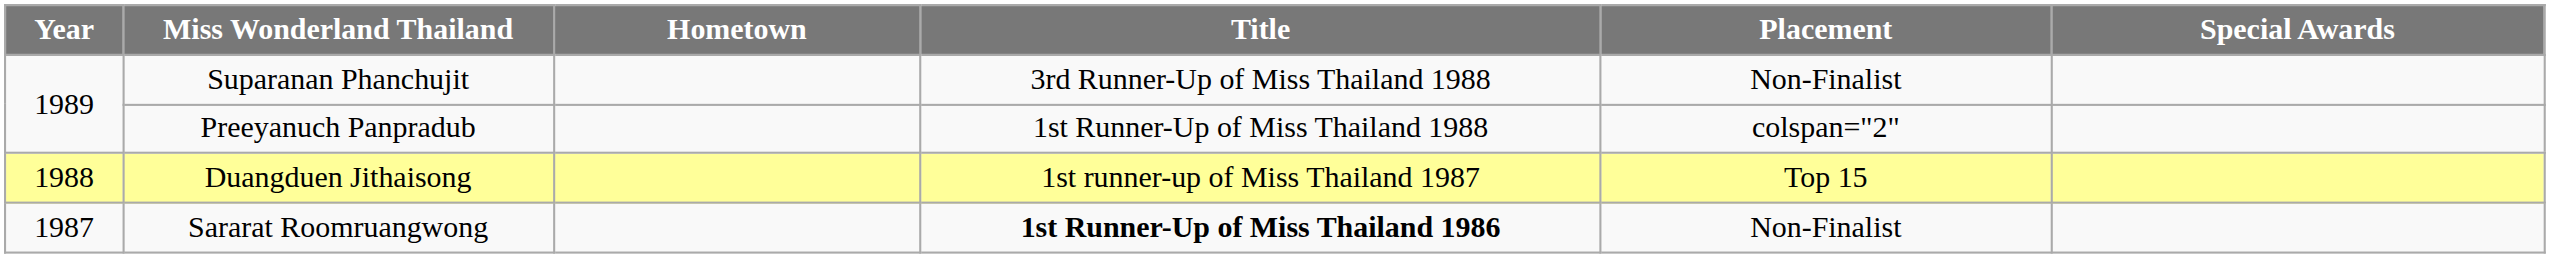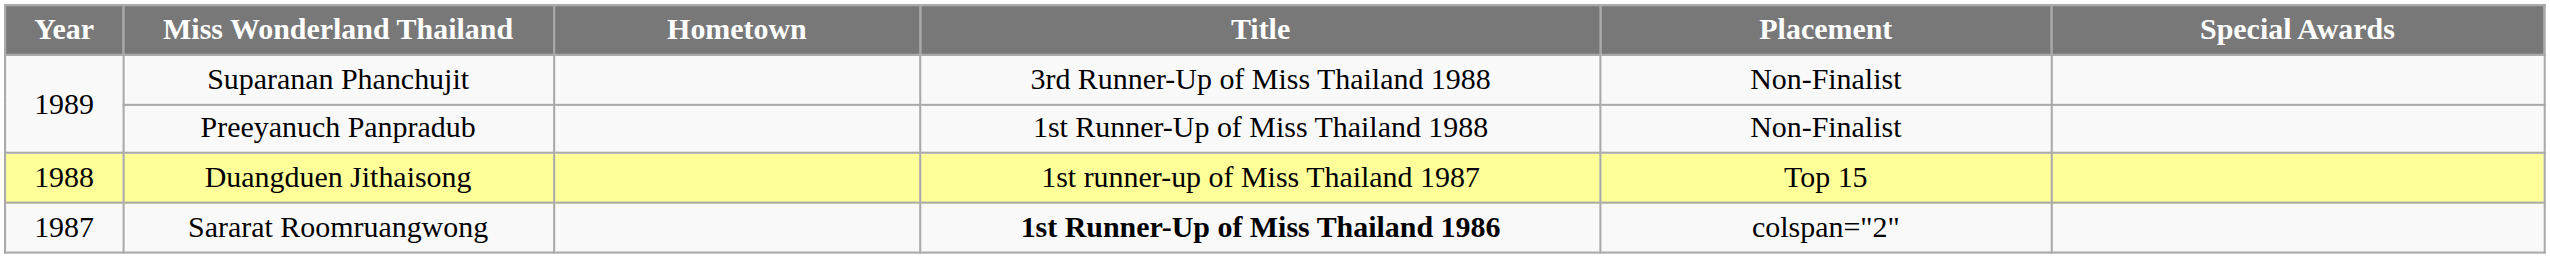 <table class="wikitable sortable" style="font-size: 90%; text-align:center">
 <tr>
 <th width="50" style="background-color:#787878;color:#FFFFFF;">Year</th>
 <th width="200" style="background-color:#787878;color:#FFFFFF;">Miss Wonderland Thailand</th>
 <th width="170" style="background-color:#787878;color:#FFFFFF;">Hometown</th>
 <th width="320" style="background-color:#787878;color:#FFFFFF;">Title</th>
 <th width="210" style="background-color:#787878;color:#FFFFFF;">Placement</th>
 <th width="230" style="background-color:#787878;color:#FFFFFF;">Special Awards</th>
 </tr>
 <tr>
 <td rowspan="2">1989</td>
 <td>Suparanan Phanchujit</td>
 <td align=left></td>
 <td>3rd Runner-Up of Miss Thailand 1988</td>
 <td align="center">Non-Finalist</td>
 <td></td>
 </tr>
 <tr>
 <td>Preeyanuch Panpradub</td>
 <td align=left></td>
 <td>1st Runner-Up of Miss Thailand 1988</td>
-<td>colspan="2" </td>
+<td align="center">Non-Finalist</td>
 </tr>
 <tr style="background-color:#FFFF99">
 <td>1988</td>
 <td>Duangduen Jithaisong</td>
 <td align=left></td>
 <td>1st runner-up of Miss Thailand 1987</td>
 <td align="center">Top 15</td>
 <td></td>
 </tr>
 <tr>
 <td>1987</td>
 <td>Sararat Roomruangwong</td>
 <td align=left></td>
 <td><strong>1st Runner-Up of Miss Thailand 1986</strong></td>
-<td align="center">Non-Finalist</td>
+<td>colspan="2" </td>
 <td></td>
 </tr>
 </table>
